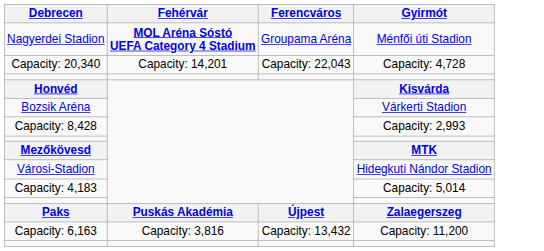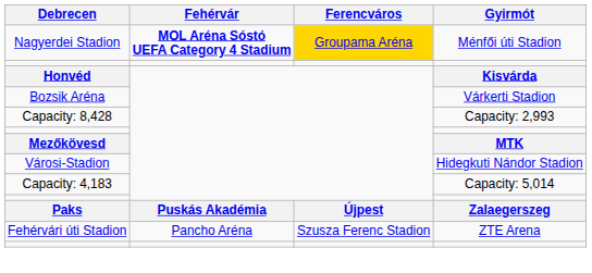 <table class="wikitable" style="text-align:center;">
 <tr>
 <th><a href='#'>Debrecen</a></th>
 <th><a href='#'>Fehérvár</a></th>
 <th><a href='#'>Ferencváros</a></th>
 <th><a href='#'>Gyirmót</a></th>
 </tr>
 <tr>
 <td><a href='#'>Nagyerdei Stadion</a></td>
 <td><strong><a href='#'>MOL Aréna Sóstó</a> <br><a href='#'>UEFA Category 4 Stadium</a></strong></td>
-<td><a href='#'>Groupama Aréna</a></td>
+<td style="background: gold;"><a href='#'>Groupama Aréna</a></td>
 <td><a href='#'>Ménfői úti Stadion</a></td>
-</tr>
-<tr>
-<td>Capacity: 20,340</td>
-<td>Capacity: 14,201</td>
-<td>Capacity: 22,043</td>
-<td>Capacity: 4,728</td>
 </tr>
 <tr>
 <td></td>
 <td></td>
 <td></td>
 <td></td>
 </tr>
 <tr>
 <th><a href='#'>Honvéd</a></th>
 <td colspan="2" rowspan="8"><br> </td>
 <th><a href='#'>Kisvárda</a></th>
 </tr>
 <tr>
 <td><a href='#'>Bozsik Aréna</a></td>
 <td><a href='#'>Várkerti Stadion</a></td>
 </tr>
 <tr>
 <td>Capacity: 8,428</td>
 <td>Capacity: 2,993</td>
 </tr>
 <tr>
 <td></td>
 <td></td>
 </tr>
 <tr>
 <th><a href='#'>Mezőkövesd</a></th>
 <th><a href='#'>MTK</a></th>
 </tr>
 <tr>
 <td><a href='#'>Városi-Stadion</a></td>
 <td><a href='#'>Hidegkuti Nándor Stadion</a></td>
 </tr>
 <tr>
 <td>Capacity: 4,183</td>
 <td>Capacity: 5,014</td>
 </tr>
 <tr>
 <td></td>
 <td></td>
 </tr>
 <tr>
 <th><a href='#'>Paks</a></th>
 <th><a href='#'>Puskás Akadémia</a></th>
 <th><a href='#'>Újpest</a></th>
 <th><a href='#'>Zalaegerszeg</a></th>
 </tr>
 <tr>
-<td>Capacity: 6,163</td>
-<td>Capacity: 3,816</td>
-<td>Capacity: 13,432</td>
-<td>Capacity: 11,200</td>
+<td><a href='#'>Fehérvári úti Stadion</a></td>
+<td><a href='#'>Pancho Aréna</a></td>
+<td><a href='#'>Szusza Ferenc Stadion</a></td>
+<td><a href='#'>ZTE Arena</a></td>
 </tr>
 <tr>
 <td></td>
 <td></td>
 <td></td>
 <td></td>
 </tr>
 </table>
